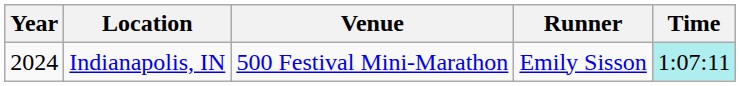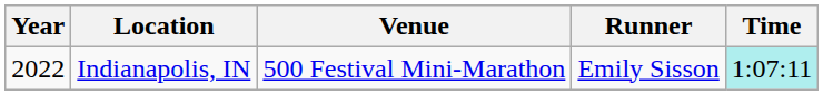 <table class="wikitable" style="test-align:center">
 <tr>
 <th>Year</th>
 <th>Location</th>
 <th>Venue</th>
 <th>Runner</th>
 <th>Time</th>
 </tr>
 <tr>
-<td>2024</td>
+<td>2022</td>
 <td><a href='#'>Indianapolis, IN</a></td>
 <td><a href='#'>500 Festival Mini-Marathon</a></td>
 <td><a href='#'>Emily Sisson</a></td>
 <td style="background: paleturquoise;">1:07:11</td>
 </tr>
 </table>
